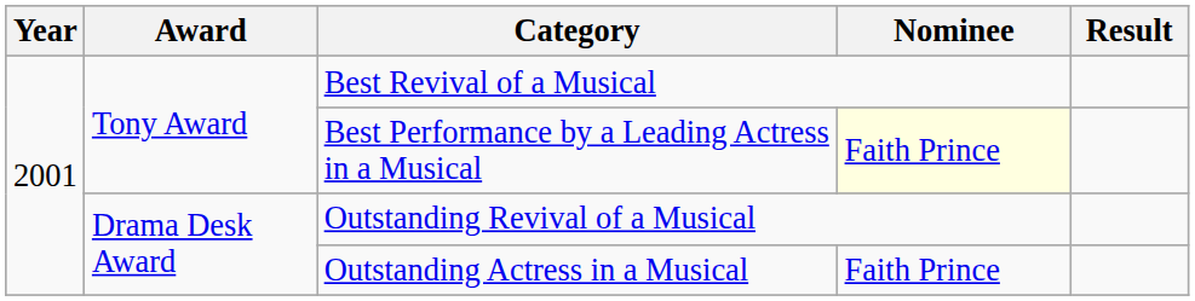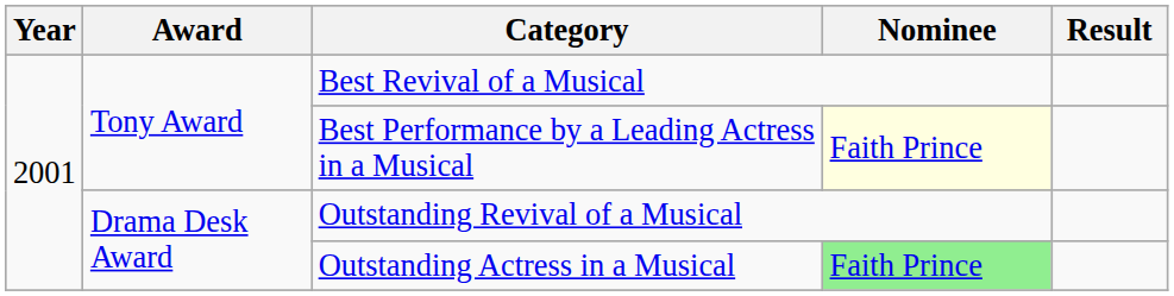 <table class="wikitable" width="95%">
 <tr>
 <th width="5%">Year</th>
 <th width="20%">Award</th>
 <th width="45%">Category</th>
 <th width="20%">Nominee</th>
 <th width="10%">Result</th>
 </tr>
 <tr>
 <td rowspan="4" align="center">2001</td>
 <td rowspan="2"><a href='#'>Tony Award</a></td>
 <td colspan="2"><a href='#'>Best Revival of a Musical</a></td>
 <td></td>
 </tr>
 <tr>
 <td><a href='#'>Best Performance by a Leading Actress in a Musical</a></td>
 <td style="background: lightyellow;"><a href='#'>Faith Prince</a></td>
 <td></td>
 </tr>
 <tr>
 <td rowspan="2"><a href='#'>Drama Desk Award</a></td>
 <td colspan="2"><a href='#'>Outstanding Revival of a Musical</a></td>
 <td></td>
 </tr>
 <tr>
 <td><a href='#'>Outstanding Actress in a Musical</a></td>
-<td><a href='#'>Faith Prince</a></td>
+<td style="background: lightgreen;"><a href='#'>Faith Prince</a></td>
 <td></td>
 </tr>
 </table>
